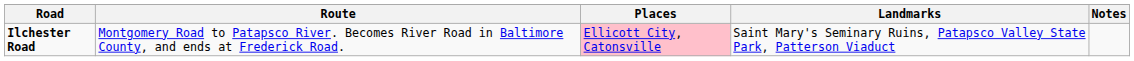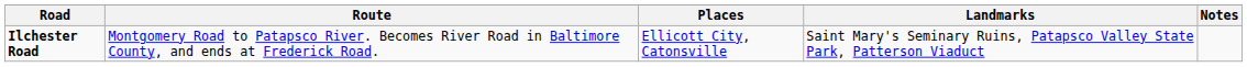 <table class="wikitable">
 <tr style="background-color:#DDDDDD;text-align:center;">
 </tr>
 <tr>
 <th>Road</th>
 <th>Route</th>
 <th>Places</th>
 <th>Landmarks</th>
 <th>Notes</th>
 </tr>
 <tr>
 <td><strong>Ilchester Road</strong></td>
 <td><a href='#'>Montgomery Road</a> to <a href='#'>Patapsco River</a>. Becomes River Road in <a href='#'>Baltimore County</a>, and ends at <a href='#'>Frederick Road</a>.</td>
-<td style="background: pink;"><a href='#'>Ellicott City</a>, <a href='#'>Catonsville</a></td>
+<td><a href='#'>Ellicott City</a>, <a href='#'>Catonsville</a></td>
 <td>Saint Mary's Seminary Ruins, <a href='#'>Patapsco Valley State Park</a>, <a href='#'>Patterson Viaduct</a></td>
 <td></td>
 </tr>
 </table>
